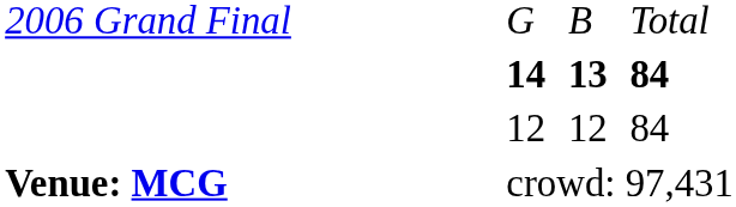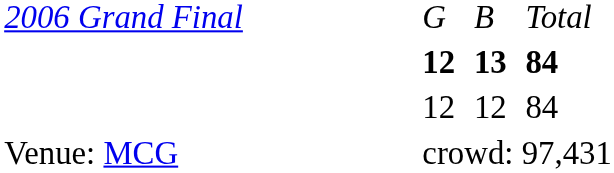 <table style="margin-right:4px; margin-top:8px; float:left; border:1px No.">
 <tr>
 <td width=200><em><a href='#'>2006 Grand Final</a></em></td>
 <td><em>G</em></td>
 <td><em>B</em></td>
 <td><em>Total</em></td>
 </tr>
 <tr>
 <td style="text-align:left"></td>
-<td><strong>14</strong></td>
+<td><strong>12</strong></td>
 <td><strong>13</strong></td>
 <td><strong>84</strong></td>
 </tr>
 <tr>
 <td style="text-align:left"></td>
 <td>12</td>
 <td>12</td>
 <td>84</td>
 </tr>
 <tr>
-<td><strong>Venue: <a href='#'>MCG</a></strong></td>
+<td>Venue: <a href='#'>MCG</a></td>
 <td colspan=3>crowd: 97,431</td>
 </tr>
 </table>
